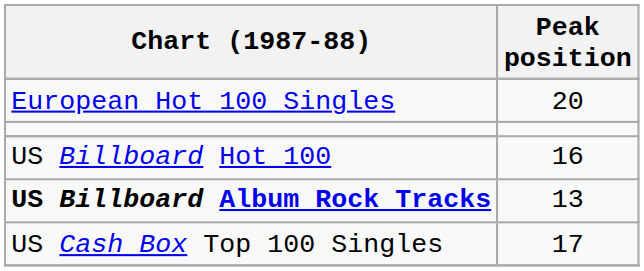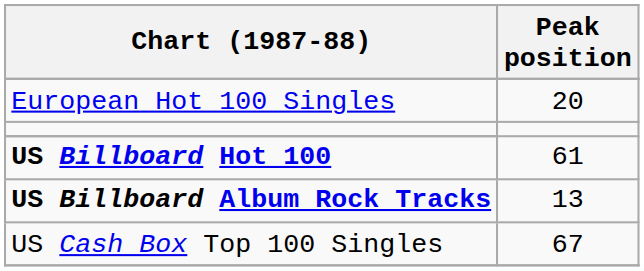 <table class="wikitable sortable">
 <tr>
 <th>Chart (1987-88)</th>
 <th>Peak<br>position</th>
 </tr>
 <tr>
 </tr>
 <tr>
 </tr>
 <tr>
 </tr>
 <tr>
 <td><a href='#'>European Hot 100 Singles</a></td>
 <td style="text-align:center;">20</td>
 </tr>
 <tr>
 <td></td>
 </tr>
 <tr>
 </tr>
 <tr>
-<td>US <em><a href='#'>Billboard</a></em> <a href='#'>Hot 100</a></td>
-<td style="text-align:center;">16</td>
+<td><strong>US <em><a href='#'>Billboard</a></em> <a href='#'>Hot 100</a></strong></td>
+<td style="text-align:center;">61</td>
 </tr>
 <tr>
 <td><strong>US <em>Billboard</em> <a href='#'>Album Rock Tracks</a></strong></td>
 <td style="text-align:center;">13</td>
 </tr>
 <tr>
 <td>US <em><a href='#'>Cash Box</a></em> Top 100 Singles</td>
-<td style="text-align:center;">17</td>
+<td style="text-align:center;">67</td>
 </tr>
 <tr>
 </tr>
 </table>
